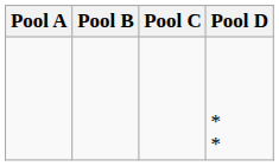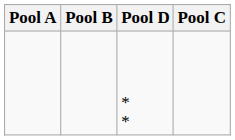 <table class="wikitable">
 <tr>
 <th width=25%>Pool A</th>
 <th width=25%>Pool B</th>
+<th width=25%>Pool D</th>
 <th width=25%>Pool C</th>
-<th width=25%>Pool D</th>
 </tr>
 <tr>
 <td><br><br> <br> <br> </td>
 <td><br><br> <br> <br> </td>
+<td><br><br> <br> <s></s> *<br> <s></s> *</td>
 <td><br><br> <br> <br> </td>
-<td><br><br> <br> <s></s> *<br> <s></s> *</td>
 </tr>
 </table>
